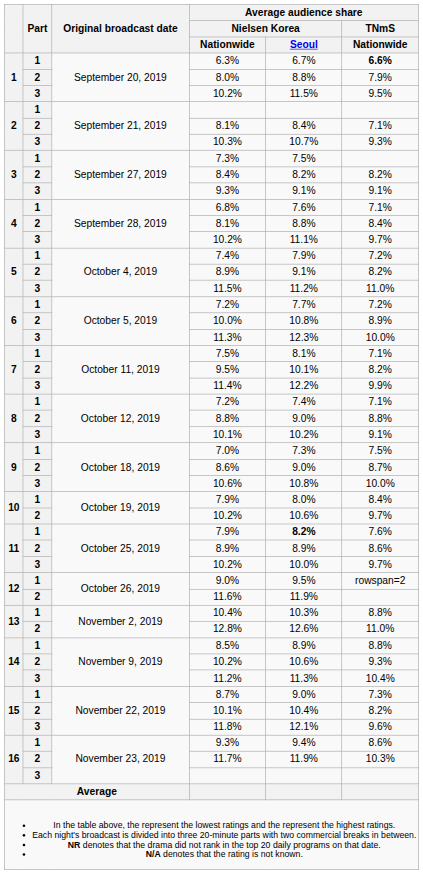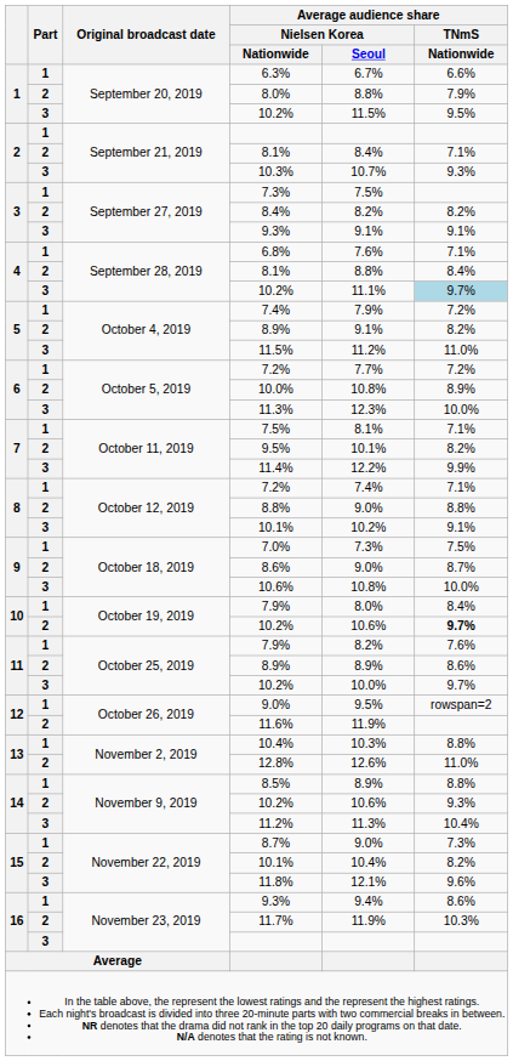 <table class="wikitable" style="text-align:center; margin-left:auto; margin-right:auto">
 <tr>
 <th rowspan="3"></th>
 <th rowspan="3">Part</th>
 <th rowspan="3">Original broadcast date</th>
 <th colspan="3">Average audience share</th>
 </tr>
 <tr>
 <th colspan="2">Nielsen Korea</th>
 <th>TNmS</th>
 </tr>
 <tr>
 <th scope="col" style="width:7em">Nationwide</th>
 <th scope="col" style="width:7em"><a href='#'>Seoul</a></th>
 <th scope="col" style="width:7em">Nationwide</th>
 </tr>
 <tr>
 <th rowspan="3">1</th>
 <th>1</th>
 <td rowspan="3">September 20, 2019</td>
 <td>6.3% </td>
 <td>6.7% </td>
-<td><strong>6.6% </strong></td>
+<td>6.6% </td>
 </tr>
 <tr>
 <th>2</th>
 <td>8.0% </td>
 <td>8.8% </td>
 <td>7.9% </td>
 </tr>
 <tr>
 <th>3</th>
 <td>10.2% </td>
 <td>11.5% </td>
 <td>9.5% </td>
 </tr>
 <tr>
 <th rowspan="3">2</th>
 <th>1</th>
 <td rowspan="3">September 21, 2019</td>
 <td><strong></strong> </td>
 <td><strong></strong> </td>
 <td></td>
 </tr>
 <tr>
 <th>2</th>
 <td>8.1% </td>
 <td>8.4% </td>
 <td>7.1% </td>
 </tr>
 <tr>
 <th>3</th>
 <td>10.3% </td>
 <td>10.7% </td>
 <td>9.3% </td>
 </tr>
 <tr>
 <th rowspan="3">3</th>
 <th>1</th>
 <td rowspan="3">September 27, 2019</td>
 <td>7.3% </td>
 <td>7.5% </td>
 <td><strong></strong> </td>
 </tr>
 <tr>
 <th>2</th>
 <td>8.4% </td>
 <td>8.2% </td>
 <td>8.2% </td>
 </tr>
 <tr>
 <th>3</th>
 <td>9.3% </td>
 <td>9.1% </td>
 <td>9.1% </td>
 </tr>
 <tr>
 <th rowspan="3">4</th>
 <th>1</th>
 <td rowspan="3">September 28, 2019</td>
 <td>6.8% </td>
 <td>7.6% </td>
 <td>7.1% </td>
 </tr>
 <tr>
 <th>2</th>
 <td>8.1% </td>
 <td>8.8% </td>
 <td>8.4% </td>
 </tr>
 <tr>
 <th>3</th>
 <td>10.2% </td>
 <td>11.1% </td>
-<td>9.7% </td>
+<td style="background: lightblue;">9.7% </td>
 </tr>
 <tr>
 <th rowspan="3">5</th>
 <th>1</th>
 <td rowspan="3">October 4, 2019</td>
 <td>7.4% </td>
 <td>7.9% </td>
 <td>7.2% </td>
 </tr>
 <tr>
 <th>2</th>
 <td>8.9% </td>
 <td>9.1% </td>
 <td>8.2% </td>
 </tr>
 <tr>
 <th>3</th>
 <td>11.5% </td>
 <td>11.2% </td>
 <td>11.0% </td>
 </tr>
 <tr>
 <th rowspan="3">6</th>
 <th>1</th>
 <td rowspan="3">October 5, 2019</td>
 <td>7.2% </td>
 <td>7.7% </td>
 <td>7.2% </td>
 </tr>
 <tr>
 <th>2</th>
 <td>10.0% </td>
 <td>10.8% </td>
 <td>8.9% </td>
 </tr>
 <tr>
 <th>3</th>
 <td>11.3% </td>
 <td>12.3% </td>
 <td>10.0% </td>
 </tr>
 <tr>
 <th rowspan="3">7</th>
 <th>1</th>
 <td rowspan="3">October 11, 2019</td>
 <td>7.5% </td>
 <td>8.1% </td>
 <td>7.1% </td>
 </tr>
 <tr>
 <th>2</th>
 <td>9.5% </td>
 <td>10.1% </td>
 <td>8.2% </td>
 </tr>
 <tr>
 <th>3</th>
 <td>11.4% </td>
 <td>12.2% </td>
 <td>9.9% </td>
 </tr>
 <tr>
 <th rowspan="3">8</th>
 <th>1</th>
 <td rowspan="3">October 12, 2019</td>
 <td>7.2% </td>
 <td>7.4% </td>
 <td>7.1% </td>
 </tr>
 <tr>
 <th>2</th>
 <td>8.8% </td>
 <td>9.0% </td>
 <td>8.8% </td>
 </tr>
 <tr>
 <th>3</th>
 <td>10.1% </td>
 <td>10.2% </td>
 <td>9.1% </td>
 </tr>
 <tr>
 <th rowspan="3">9</th>
 <th>1</th>
 <td rowspan="3">October 18, 2019</td>
 <td>7.0% </td>
 <td>7.3% </td>
 <td>7.5% </td>
 </tr>
 <tr>
 <th>2</th>
 <td>8.6% </td>
 <td>9.0% </td>
 <td>8.7% </td>
 </tr>
 <tr>
 <th>3</th>
 <td>10.6% </td>
 <td>10.8% </td>
 <td>10.0% </td>
 </tr>
 <tr>
 <th rowspan="2">10</th>
 <th>1</th>
 <td rowspan="2">October 19, 2019</td>
 <td>7.9% </td>
 <td>8.0% </td>
 <td>8.4% </td>
 </tr>
 <tr>
 <th>2</th>
 <td>10.2% </td>
 <td>10.6% </td>
-<td>9.7% </td>
+<td><strong>9.7% </strong></td>
 </tr>
 <tr>
 <th rowspan="3">11</th>
 <th>1</th>
 <td rowspan="3">October 25, 2019</td>
 <td>7.9% </td>
-<td><strong>8.2% </strong></td>
+<td>8.2% </td>
 <td>7.6% </td>
 </tr>
 <tr>
 <th>2</th>
 <td>8.9% </td>
 <td>8.9% </td>
 <td>8.6% </td>
 </tr>
 <tr>
 <th>3</th>
 <td>10.2% </td>
 <td>10.0% </td>
 <td>9.7% </td>
 </tr>
 <tr>
 <th rowspan="2">12</th>
 <th>1</th>
 <td rowspan="2">October 26, 2019</td>
 <td>9.0% </td>
 <td>9.5% </td>
 <td>rowspan=2 </td>
 </tr>
 <tr>
 <th>2</th>
 <td>11.6% </td>
 <td>11.9% </td>
 </tr>
 <tr>
 <th rowspan="2">13</th>
 <th>1</th>
 <td rowspan="2">November 2, 2019</td>
 <td>10.4% </td>
 <td>10.3% </td>
 <td>8.8% </td>
 </tr>
 <tr>
 <th>2</th>
 <td>12.8% </td>
 <td>12.6% </td>
 <td>11.0% </td>
 </tr>
 <tr>
 <th rowspan="3">14</th>
 <th>1</th>
 <td rowspan="3">November 9, 2019</td>
 <td>8.5% </td>
 <td>8.9% </td>
 <td>8.8% </td>
 </tr>
 <tr>
 <th>2</th>
 <td>10.2% </td>
 <td>10.6% </td>
 <td>9.3% </td>
 </tr>
 <tr>
 <th>3</th>
 <td>11.2% </td>
 <td>11.3% </td>
 <td>10.4% </td>
 </tr>
 <tr>
 <th rowspan="3">15</th>
 <th>1</th>
 <td rowspan="3">November 22, 2019</td>
 <td>8.7% </td>
 <td>9.0% </td>
 <td>7.3% </td>
 </tr>
 <tr>
 <th>2</th>
 <td>10.1% </td>
 <td>10.4% </td>
 <td>8.2% </td>
 </tr>
 <tr>
 <th>3</th>
 <td>11.8% </td>
 <td>12.1% </td>
 <td>9.6% </td>
 </tr>
 <tr>
 <th rowspan="3">16</th>
 <th>1</th>
 <td rowspan="3">November 23, 2019</td>
 <td>9.3% </td>
 <td>9.4% </td>
 <td>8.6% </td>
 </tr>
 <tr>
 <th>2</th>
 <td>11.7% </td>
 <td>11.9% </td>
 <td>10.3% </td>
 </tr>
 <tr>
 <th>3</th>
 <td><strong></strong> </td>
 <td><strong></strong> </td>
 <td><strong></strong> </td>
 </tr>
 <tr>
 <th colspan="3">Average</th>
 <th></th>
 <th></th>
 <th></th>
 </tr>
 <tr>
 <td colspan="6" style="font-size:85%"><br><ul><li>In the table above, the <strong></strong> represent the lowest ratings and the <strong></strong> represent the highest ratings.</li><li>Each night's broadcast is divided into three 20-minute parts with two commercial breaks in between.</li><li><strong>NR</strong> denotes that the drama did not rank in the top 20 daily programs on that date.</li><li><strong>N/A</strong> denotes that the rating is not known.</li></ul></td>
 </tr>
 </table>
